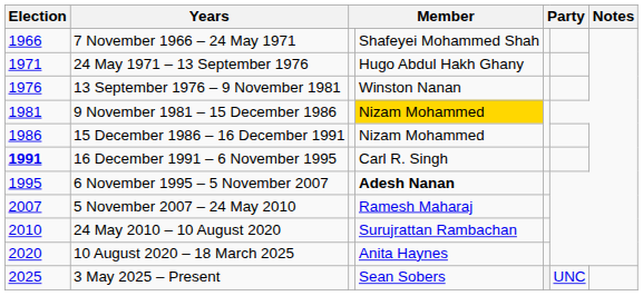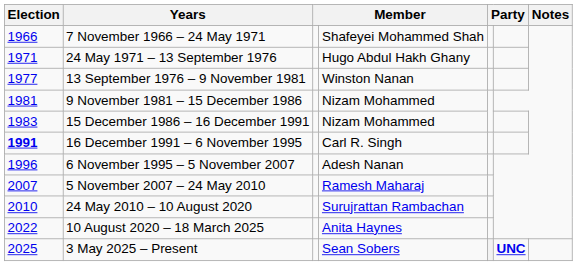 <table class="wikitable sortable">
 <tr>
 <th>Election</th>
 <th>Years</th>
 <th colspan="2">Member</th>
 <th colspan="2">Party</th>
 <th>Notes</th>
 </tr>
 <tr>
 <td><a href='#'>1966</a></td>
 <td>7 November 1966 – 24 May 1971</td>
 <td></td>
 <td>Shafeyei Mohammed Shah</td>
 <td></td>
 <td></td>
 </tr>
 <tr>
 <td><a href='#'>1971</a></td>
 <td>24 May 1971 – 13 September 1976</td>
 <td></td>
 <td>Hugo Abdul Hakh Ghany</td>
 <td></td>
 <td></td>
 </tr>
 <tr>
-<td><a href='#'>1976</a></td>
+<td><a href='#'>1977</a></td>
 <td>13 September 1976 – 9 November 1981</td>
 <td></td>
 <td>Winston Nanan</td>
 <td></td>
 <td></td>
 </tr>
 <tr>
 <td><a href='#'>1981</a></td>
 <td>9 November 1981 – 15 December 1986</td>
 <td></td>
-<td style="background: gold;">Nizam Mohammed</td>
+<td>Nizam Mohammed</td>
 <td rowspan="2"></td>
 </tr>
 <tr>
-<td><a href='#'>1986</a></td>
+<td><a href='#'>1983</a></td>
 <td>15 December 1986 – 16 December 1991</td>
 <td></td>
 <td>Nizam Mohammed</td>
 <td></td>
 </tr>
 <tr>
 <td><strong><a href='#'>1991</a></strong></td>
 <td>16 December 1991 – 6 November 1995</td>
 <td></td>
 <td>Carl R. Singh</td>
 <td></td>
 <td></td>
 </tr>
 <tr>
-<td><a href='#'>1995</a></td>
+<td><a href='#'>1996</a></td>
 <td>6 November 1995 – 5 November 2007</td>
 <td></td>
-<td><strong>Adesh Nanan</strong></td>
+<td>Adesh Nanan</td>
 <td></td>
 </tr>
 <tr>
 <td><a href='#'>2007</a></td>
 <td>5 November 2007 – 24 May 2010</td>
 <td></td>
 <td><a href='#'>Ramesh Maharaj</a></td>
 <td></td>
 </tr>
 <tr>
 <td><a href='#'>2010</a></td>
 <td>24 May 2010 – 10 August 2020</td>
 <td></td>
 <td><a href='#'>Surujrattan Rambachan</a></td>
 <td></td>
 </tr>
 <tr>
-<td><a href='#'>2020</a></td>
+<td><a href='#'>2022</a></td>
 <td>10 August 2020 – 18 March 2025</td>
 <td></td>
 <td><a href='#'>Anita Haynes</a></td>
 <td></td>
 </tr>
 <tr>
 <td><a href='#'>2025</a></td>
 <td>3 May 2025 – Present</td>
 <td></td>
 <td><a href='#'>Sean Sobers</a></td>
 <th style="background-color: "></th>
-<td><a href='#'>UNC</a></td>
+<td><strong><a href='#'>UNC</a></strong></td>
 <td></td>
 </tr>
 </table>
